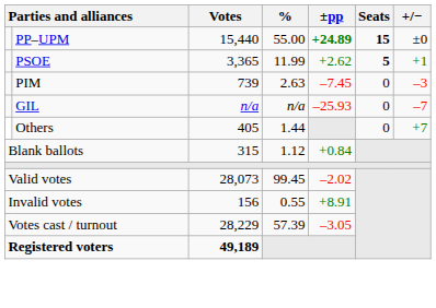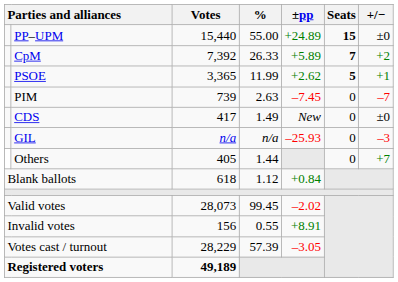 <table class="wikitable" style="text-align:right;">
 <tr>
 <th style="text-align:left;" colspan="2" width="200">Parties and alliances</th>
 <th width="75">Votes</th>
 <th width="45">%</th>
 <th width="45">±<a href='#'>pp</a></th>
 <th width="35">Seats</th>
 <th width="35">+/−</th>
 </tr>
 <tr>
 <td width="1" style="color:inherit;background:"></td>
 <td align="left"><a href='#'>PP</a>–<a href='#'>UPM</a></td>
 <td>15,440</td>
 <td>55.00</td>
-<td style="color:green;"><strong>+24.89</strong></td>
+<td style="color:green;">+24.89</td>
 <td><strong>15</strong></td>
 <td>±0</td>
+</tr>
+<tr>
+<td style="color:inherit;background:"></td>
+<td align="left"><a href='#'>CpM</a></td>
+<td>7,392</td>
+<td>26.33</td>
+<td style="color:green;">+5.89</td>
+<td><strong>7</strong></td>
+<td style="color:green;">+2</td>
 </tr>
 <tr>
 <td style="color:inherit;background:"></td>
 <td align="left"><a href='#'>PSOE</a></td>
 <td>3,365</td>
 <td>11.99</td>
 <td style="color:green;">+2.62</td>
 <td><strong>5</strong></td>
 <td style="color:green;">+1</td>
 </tr>
 <tr>
 <td style="color:inherit;background:"></td>
 <td align="left">PIM</td>
 <td>739</td>
 <td>2.63</td>
 <td style="color:red;">–7.45</td>
 <td>0</td>
-<td style="color:red;">–3</td>
+<td style="color:red;">–7</td>
+</tr>
+<tr>
+<td style="color:inherit;background:"></td>
+<td align="left"><a href='#'>CDS</a></td>
+<td>417</td>
+<td>1.49</td>
+<td><em>New</em></td>
+<td>0</td>
+<td>±0</td>
 </tr>
 <tr>
 <td style="color:inherit;background:"></td>
 <td align="left"><a href='#'>GIL</a></td>
 <td><em><a href='#'>n/a</a></em></td>
 <td><em>n/a</em></td>
 <td style="color:red;">–25.93</td>
 <td>0</td>
-<td style="color:red;">–7</td>
+<td style="color:red;">–3</td>
 </tr>
 <tr>
 <td bgcolor="white"></td>
 <td align="left">Others</td>
 <td>405</td>
 <td>1.44</td>
 <td bgcolor="#E9E9E9"></td>
 <td>0</td>
 <td style="color:green;">+7</td>
 </tr>
 <tr>
 <td align="left" colspan="2">Blank ballots</td>
-<td>315</td>
+<td>618</td>
 <td>1.12</td>
 <td style="color:green;">+0.84</td>
 <td bgcolor="#E9E9E9" colspan="2"></td>
 </tr>
 <tr>
 <td colspan="7" bgcolor="#E9E9E9"></td>
 </tr>
 <tr>
 <td align="left" colspan="2">Valid votes</td>
 <td>28,073</td>
 <td>99.45</td>
 <td style="color:red;">–2.02</td>
 <td bgcolor="#E9E9E9" colspan="2" rowspan="4"></td>
 </tr>
 <tr>
 <td align="left" colspan="2">Invalid votes</td>
 <td>156</td>
 <td>0.55</td>
 <td style="color:green;">+8.91</td>
 </tr>
 <tr>
 <td align="left" colspan="2">Votes cast / turnout</td>
 <td>28,229</td>
 <td>57.39</td>
 <td style="color:red;">–3.05</td>
 </tr>
 <tr style="font-weight:bold;">
 <td align="left" colspan="2">Registered voters</td>
 <td>49,189</td>
 <td bgcolor="#E9E9E9" colspan="2"></td>
 </tr>
 </table>
